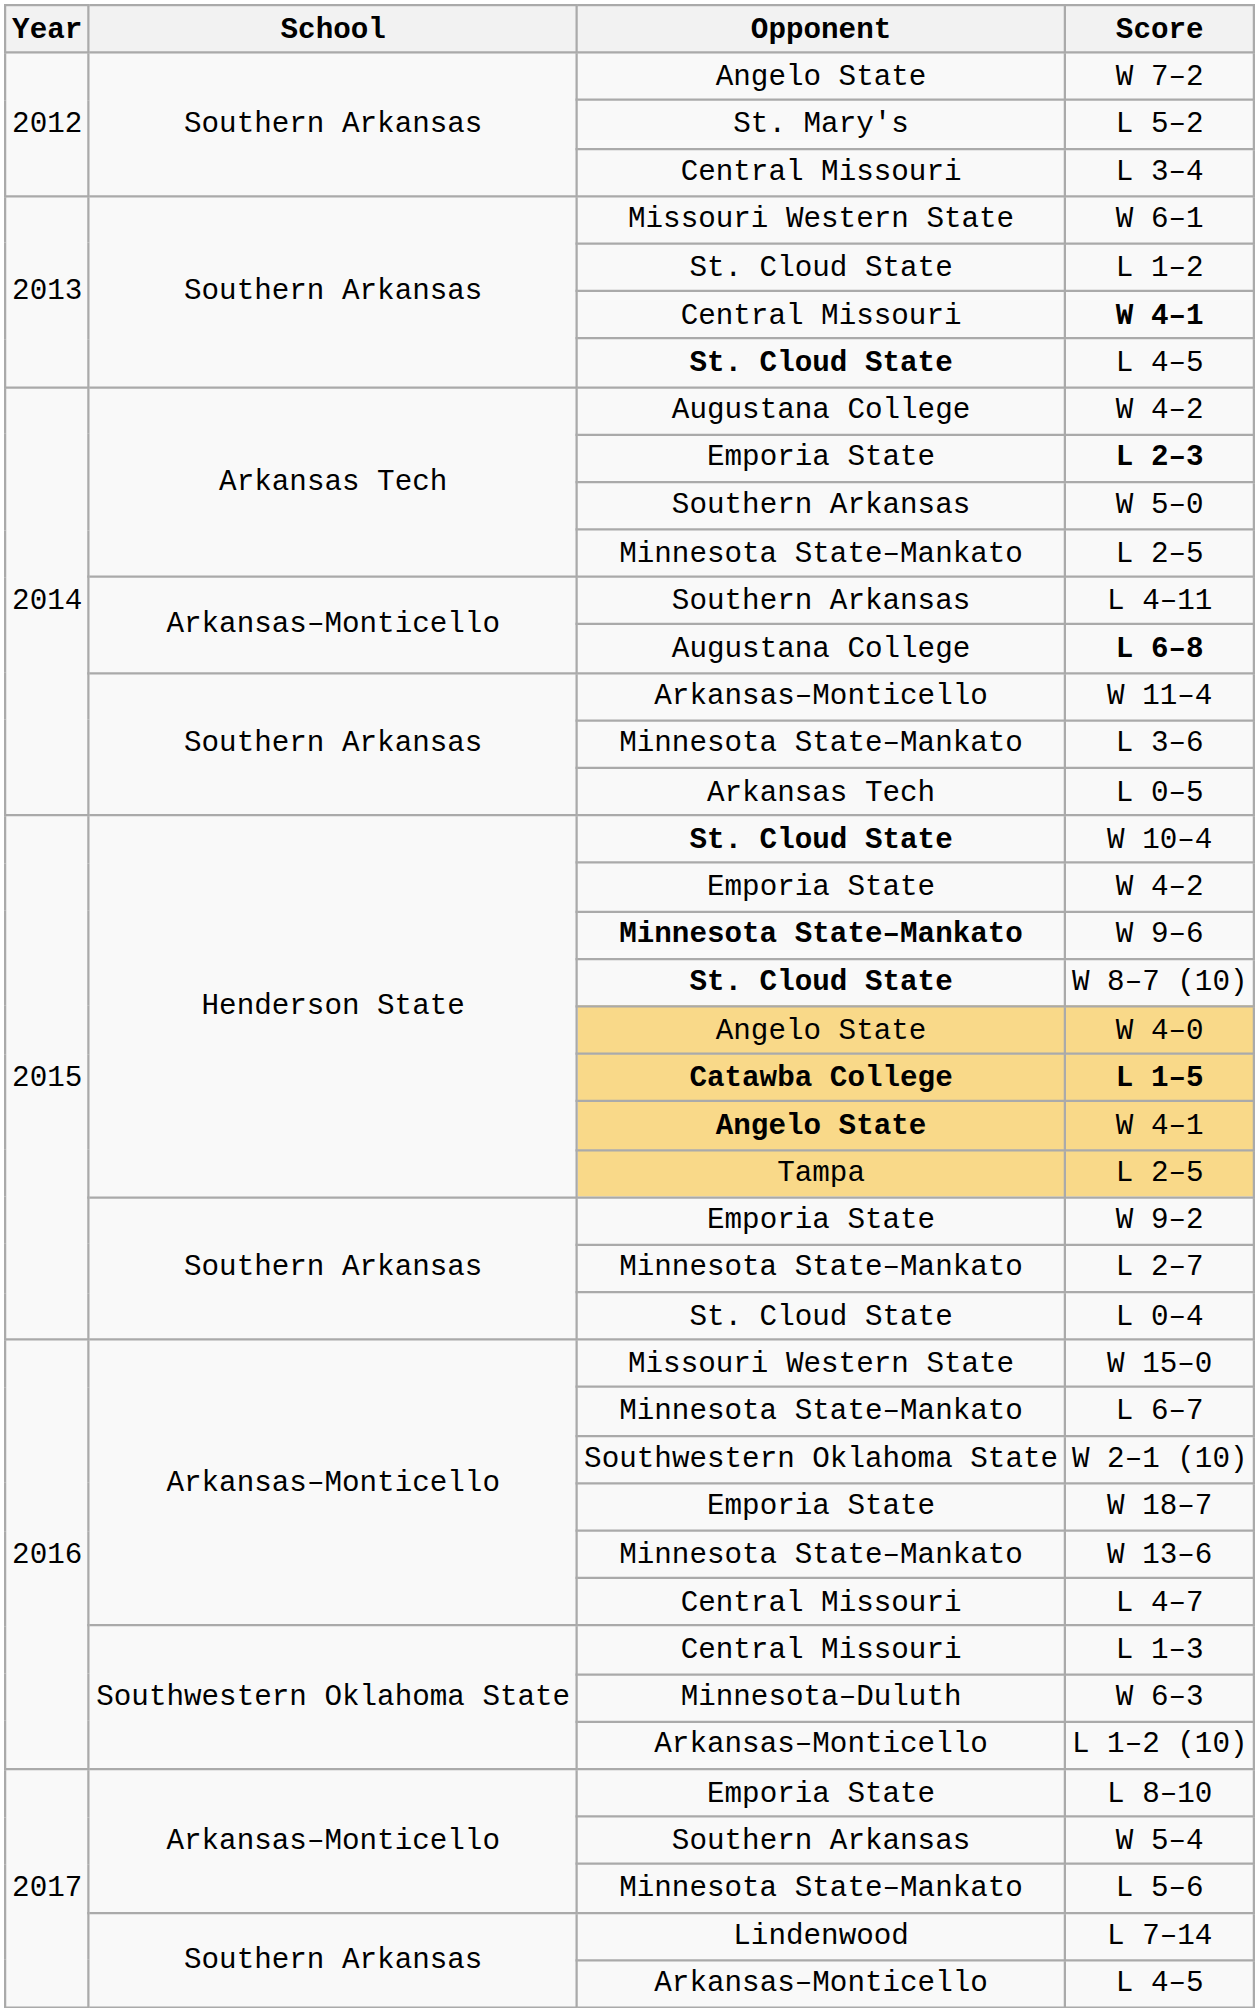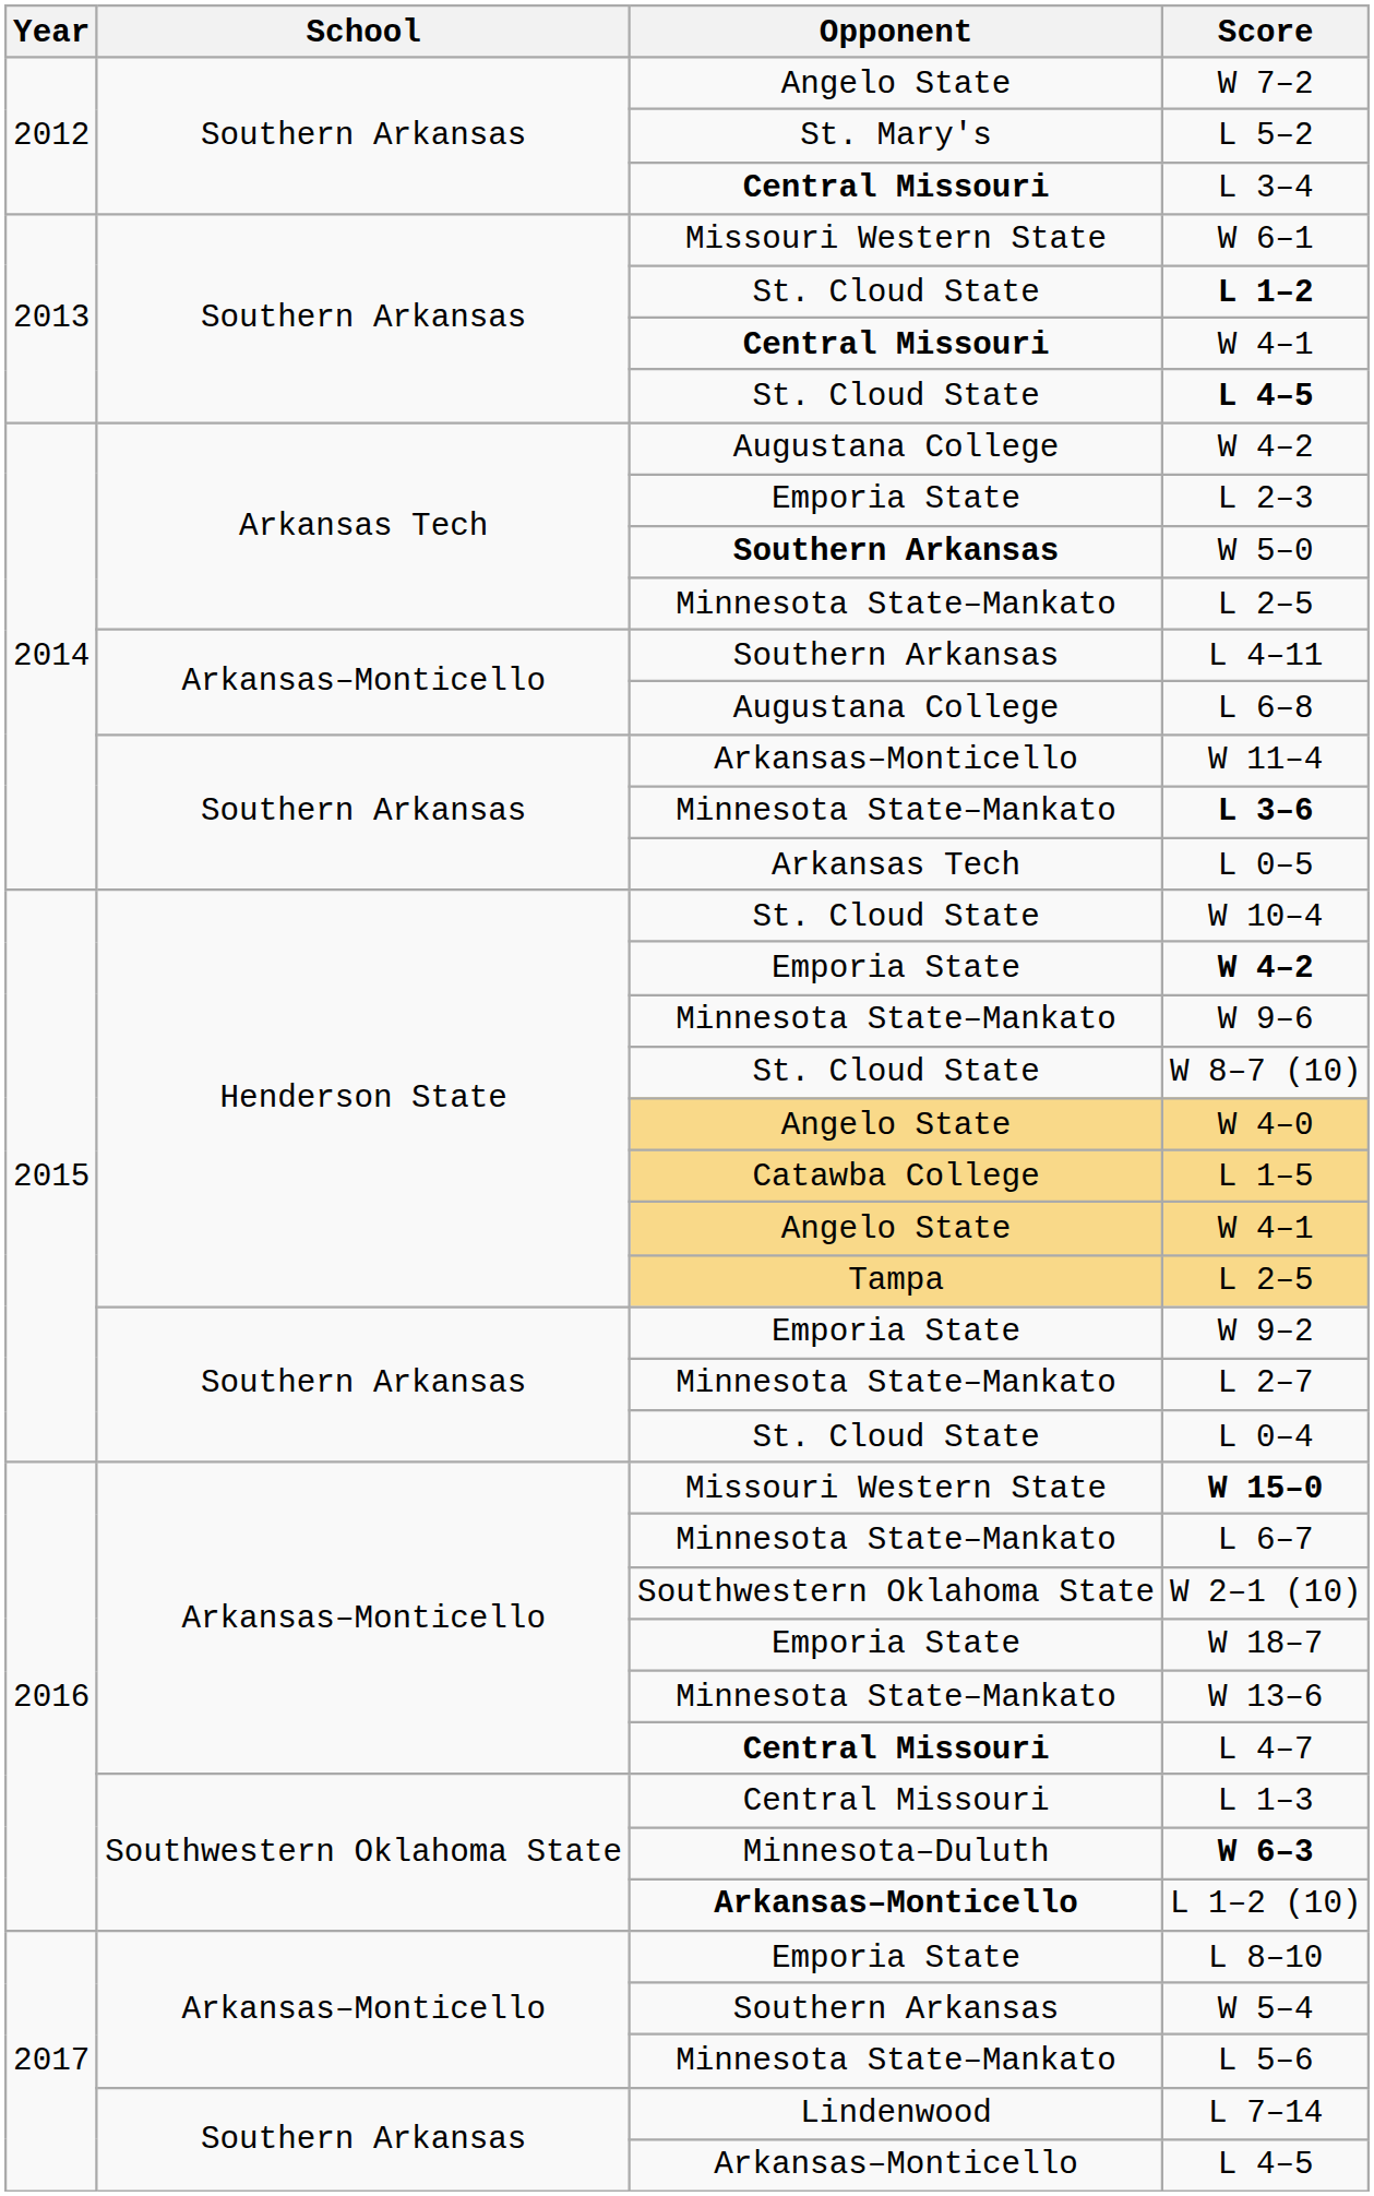 <table class="wikitable" style=text-align:center>
 <tr>
 <th>Year</th>
 <th>School</th>
 <th>Opponent</th>
 <th>Score</th>
 </tr>
 <tr>
 <td rowspan=3>2012</td>
 <td rowspan=3>Southern Arkansas</td>
 <td>Angelo State</td>
 <td>W 7–2</td>
 </tr>
 <tr>
 <td>St. Mary's</td>
 <td>L 5–2</td>
 </tr>
 <tr>
-<td>Central Missouri</td>
+<td><strong>Central Missouri</strong></td>
 <td>L 3–4</td>
 </tr>
 <tr>
 <td rowspan=4>2013</td>
 <td rowspan=4>Southern Arkansas</td>
 <td>Missouri Western State</td>
 <td>W 6–1</td>
 </tr>
 <tr>
 <td>St. Cloud State</td>
-<td>L 1–2</td>
+<td><strong>L 1–2</strong></td>
 </tr>
 <tr>
-<td>Central Missouri</td>
-<td><strong>W 4–1</strong></td>
+<td><strong>Central Missouri</strong></td>
+<td>W 4–1</td>
 </tr>
 <tr>
-<td><strong>St. Cloud State</strong></td>
-<td>L 4–5</td>
+<td>St. Cloud State</td>
+<td><strong>L 4–5</strong></td>
 </tr>
 <tr>
 <td rowspan=9>2014</td>
 <td rowspan=4>Arkansas Tech</td>
 <td>Augustana College</td>
 <td>W 4–2</td>
 </tr>
 <tr>
 <td>Emporia State</td>
-<td><strong>L 2–3</strong></td>
+<td>L 2–3</td>
 </tr>
 <tr>
-<td>Southern Arkansas</td>
+<td><strong>Southern Arkansas</strong></td>
 <td>W 5–0</td>
 </tr>
 <tr>
 <td>Minnesota State–Mankato</td>
 <td>L 2–5</td>
 </tr>
 <tr>
 <td rowspan=2>Arkansas–Monticello</td>
 <td>Southern Arkansas</td>
 <td>L 4–11</td>
 </tr>
 <tr>
 <td>Augustana College</td>
-<td><strong>L 6–8</strong></td>
+<td>L 6–8</td>
 </tr>
 <tr>
 <td rowspan=3>Southern Arkansas</td>
 <td>Arkansas–Monticello</td>
 <td>W 11–4</td>
 </tr>
 <tr>
 <td>Minnesota State–Mankato</td>
-<td>L 3–6</td>
+<td><strong>L 3–6</strong></td>
 </tr>
 <tr>
 <td>Arkansas Tech</td>
 <td>L 0–5</td>
 </tr>
 <tr>
 <td rowspan=11>2015</td>
 <td rowspan=8>Henderson State</td>
-<td><strong>St. Cloud State</strong></td>
+<td>St. Cloud State</td>
 <td>W 10–4</td>
 </tr>
 <tr>
 <td>Emporia State</td>
-<td>W 4–2</td>
+<td><strong>W 4–2</strong></td>
 </tr>
 <tr>
-<td><strong>Minnesota State–Mankato</strong></td>
+<td>Minnesota State–Mankato</td>
 <td>W 9–6</td>
 </tr>
 <tr>
-<td><strong>St. Cloud State</strong></td>
+<td>St. Cloud State</td>
 <td>W 8–7 (10)</td>
 </tr>
 <tr bgcolor=#f9d989>
 <td>Angelo State</td>
 <td>W 4–0</td>
 </tr>
 <tr bgcolor=#f9d989>
-<td><strong>Catawba College</strong></td>
-<td><strong>L 1–5</strong></td>
+<td>Catawba College</td>
+<td>L 1–5</td>
 </tr>
 <tr bgcolor=#f9d989>
-<td><strong>Angelo State</strong></td>
+<td>Angelo State</td>
 <td>W 4–1</td>
 </tr>
 <tr bgcolor=#f9d989>
 <td>Tampa</td>
 <td>L 2–5</td>
 </tr>
 <tr>
 <td rowspan=3>Southern Arkansas</td>
 <td>Emporia State</td>
 <td>W 9–2</td>
 </tr>
 <tr>
 <td>Minnesota State–Mankato</td>
 <td>L 2–7</td>
 </tr>
 <tr>
 <td>St. Cloud State</td>
 <td>L 0–4</td>
 </tr>
 <tr>
 <td rowspan=9>2016</td>
 <td rowspan=6>Arkansas–Monticello</td>
 <td>Missouri Western State</td>
-<td>W 15–0</td>
+<td><strong>W 15–0</strong></td>
 </tr>
 <tr>
 <td>Minnesota State–Mankato</td>
 <td>L 6–7</td>
 </tr>
 <tr>
 <td>Southwestern Oklahoma State</td>
 <td>W 2–1 (10)</td>
 </tr>
 <tr>
 <td>Emporia State</td>
 <td>W 18–7</td>
 </tr>
 <tr>
 <td>Minnesota State–Mankato</td>
 <td>W 13–6</td>
 </tr>
 <tr>
-<td>Central Missouri</td>
+<td><strong>Central Missouri</strong></td>
 <td>L 4–7</td>
 </tr>
 <tr>
 <td rowspan=3>Southwestern Oklahoma State</td>
 <td>Central Missouri</td>
 <td>L 1–3</td>
 </tr>
 <tr>
 <td>Minnesota–Duluth</td>
-<td>W 6–3</td>
+<td><strong>W 6–3</strong></td>
 </tr>
 <tr>
-<td>Arkansas–Monticello</td>
+<td><strong>Arkansas–Monticello</strong></td>
 <td>L 1–2 (10)</td>
 </tr>
 <tr>
 <td rowspan=5>2017</td>
 <td rowspan=3>Arkansas–Monticello</td>
 <td>Emporia State</td>
 <td>L 8–10</td>
 </tr>
 <tr>
 <td>Southern Arkansas</td>
 <td>W 5–4</td>
 </tr>
 <tr>
 <td>Minnesota State–Mankato</td>
 <td>L 5–6</td>
 </tr>
 <tr>
 <td rowspan=2>Southern Arkansas</td>
 <td>Lindenwood</td>
 <td>L 7–14</td>
 </tr>
 <tr>
 <td>Arkansas–Monticello</td>
 <td>L 4–5</td>
 </tr>
 </table>
